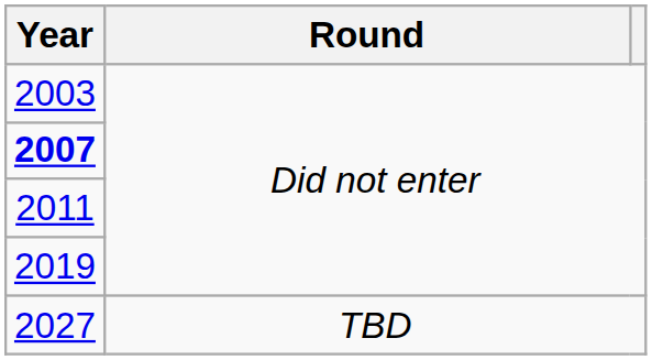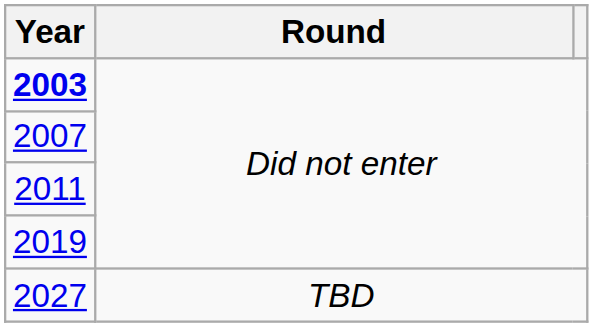 <table class="wikitable" style="text-align: center; font-size:90%">
 <tr>
 <th>Year</th>
 <th style="width:200px">Round</th>
 <th></th>
 </tr>
 <tr>
-<td><a href='#'>2003</a></td>
+<td><strong><a href='#'>2003</a></strong></td>
 <td colspan="2" rowspan="4"><em>Did not enter</em></td>
 </tr>
 <tr>
-<td><strong><a href='#'>2007</a></strong></td>
+<td><a href='#'>2007</a></td>
 </tr>
 <tr>
 <td><a href='#'>2011</a></td>
 </tr>
 <tr>
 <td><a href='#'>2019</a></td>
 </tr>
 <tr>
 <td><a href='#'>2027</a></td>
 <td colspan="2"><em>TBD</em></td>
 </tr>
 </table>
